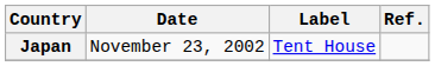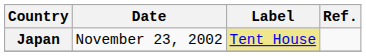 <table class="wikitable plainrowheaders">
 <tr>
 <th scope="col">Country</th>
 <th scope="col">Date</th>
 <th scope="col">Label</th>
 <th scope="col">Ref.</th>
 </tr>
 <tr>
 <th scope="row">Japan</th>
 <td>November 23, 2002</td>
-<td><a href='#'>Tent House</a></td>
+<td style="background: khaki;"><a href='#'>Tent House</a></td>
 <td></td>
 </tr>
 <tr>
 </tr>
 </table>
